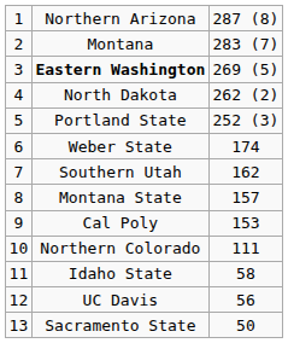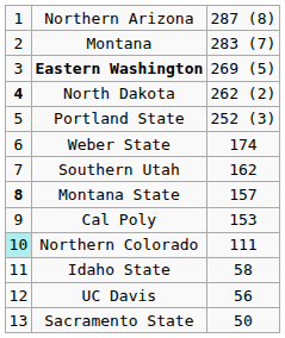 <table class="wikitable" style="display: inline-table;">
 <tr align="center">
 </tr>
 <tr align="center">
 <td>1</td>
 <td>Northern Arizona</td>
 <td>287 (8)</td>
 </tr>
 <tr align="center">
 <td>2</td>
 <td>Montana</td>
 <td>283 (7)</td>
 </tr>
 <tr align="center">
 <td>3</td>
 <td><strong>Eastern Washington</strong></td>
 <td>269 (5)</td>
 </tr>
 <tr align="center">
-<td>4</td>
+<td><strong>4</strong></td>
 <td>North Dakota</td>
 <td>262 (2)</td>
 </tr>
 <tr align="center">
 <td>5</td>
 <td>Portland State</td>
 <td>252 (3)</td>
 </tr>
 <tr align="center">
 <td>6</td>
 <td>Weber State</td>
 <td>174</td>
 </tr>
 <tr align="center">
 <td>7</td>
 <td>Southern Utah</td>
 <td>162</td>
 </tr>
 <tr align="center">
-<td>8</td>
+<td><strong>8</strong></td>
 <td>Montana State</td>
 <td>157</td>
 </tr>
 <tr align="center">
 <td>9</td>
 <td>Cal Poly</td>
 <td>153</td>
 </tr>
 <tr align="center">
-<td>10</td>
+<td style="background: paleturquoise;">10</td>
 <td>Northern Colorado</td>
 <td>111</td>
 </tr>
 <tr align="center">
 <td>11</td>
 <td>Idaho State</td>
 <td>58</td>
 </tr>
 <tr align="center">
 <td>12</td>
 <td>UC Davis</td>
 <td>56</td>
 </tr>
 <tr align="center">
 <td>13</td>
 <td>Sacramento State</td>
 <td>50</td>
 </tr>
 </table>
